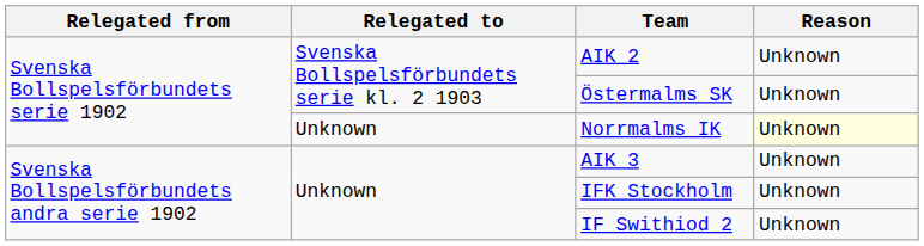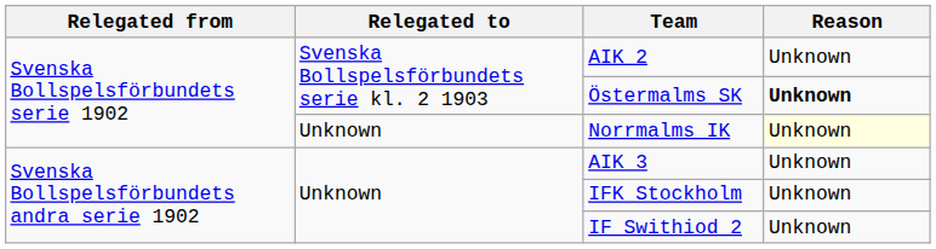 <table class="wikitable" style="text-align: left;">
 <tr>
 <th style="width: 275px;">Relegated from</th>
 <th style="width: 275px;">Relegated to</th>
 <th style="width: 200px;">Team</th>
 <th style="width: 225px;">Reason</th>
 </tr>
 <tr>
 <td rowspan=3><a href='#'>Svenska Bollspelsförbundets serie</a> 1902</td>
 <td rowspan=2><a href='#'>Svenska Bollspelsförbundets serie</a> kl. 2 1903</td>
 <td><a href='#'>AIK 2</a></td>
 <td>Unknown</td>
 </tr>
 <tr>
 <td><a href='#'>Östermalms SK</a></td>
-<td>Unknown</td>
+<td><strong>Unknown</strong></td>
 </tr>
 <tr>
 <td>Unknown</td>
 <td><a href='#'>Norrmalms IK</a></td>
 <td style="background: lightyellow;">Unknown</td>
 </tr>
 <tr>
 <td rowspan=3><a href='#'>Svenska Bollspelsförbundets andra serie</a> 1902</td>
 <td rowspan=3>Unknown</td>
 <td><a href='#'>AIK 3</a></td>
 <td>Unknown</td>
 </tr>
 <tr>
 <td><a href='#'>IFK Stockholm</a></td>
 <td>Unknown</td>
 </tr>
 <tr>
 <td><a href='#'>IF Swithiod 2</a></td>
 <td>Unknown</td>
 </tr>
 </table>
